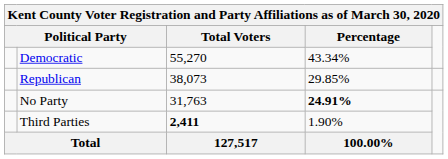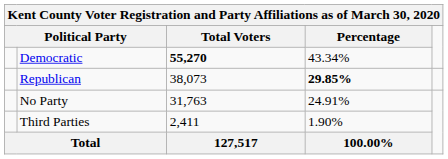 <table class="wikitable">
 <tr>
 <th colspan="6">Kent County Voter Registration and Party Affiliations as of March 30, 2020 </th>
 </tr>
 <tr>
 <th colspan="2">Political Party</th>
 <th>Total Voters</th>
 <th>Percentage</th>
 </tr>
 <tr>
 <td></td>
 <td><a href='#'>Democratic</a></td>
-<td>55,270</td>
+<td><strong>55,270</strong></td>
 <td>43.34%</td>
 </tr>
 <tr>
 <td></td>
 <td><a href='#'>Republican</a></td>
 <td>38,073</td>
-<td>29.85%</td>
+<td><strong>29.85%</strong></td>
 <td></td>
 </tr>
 <tr>
 <td></td>
 <td>No Party</td>
 <td>31,763</td>
-<td><strong>24.91%</strong></td>
+<td>24.91%</td>
 </tr>
 <tr>
 <td></td>
 <td>Third Parties</td>
-<td><strong>2,411</strong></td>
+<td>2,411</td>
 <td>1.90%</td>
 </tr>
 <tr>
 <th colspan="2">Total</th>
 <th>127,517</th>
 <th>100.00%</th>
 </tr>
 </table>
